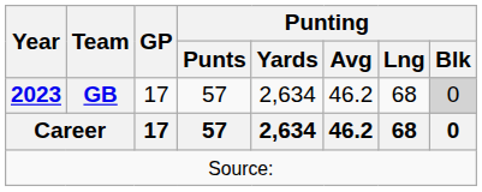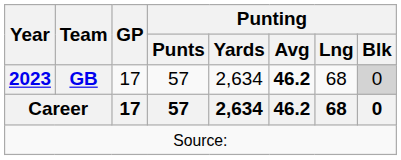 <table class="wikitable" style="text-align:center">
 <tr>
 <th rowspan="2">Year</th>
 <th rowspan="2">Team</th>
 <th rowspan="2">GP</th>
 <th colspan="5">Punting</th>
 </tr>
 <tr>
 <th>Punts</th>
 <th>Yards</th>
 <th>Avg</th>
 <th>Lng</th>
 <th>Blk</th>
 </tr>
 <tr>
 <th><a href='#'>2023</a></th>
 <th><a href='#'>GB</a></th>
 <td>17</td>
 <td>57</td>
 <td>2,634</td>
-<td>46.2</td>
+<td><strong>46.2</strong></td>
 <td>68</td>
 <td style="background: lightgrey;">0</td>
 </tr>
 <tr>
 <th colspan="2">Career</th>
 <th>17</th>
 <th>57</th>
 <th>2,634</th>
 <th>46.2</th>
 <th>68</th>
 <th>0</th>
 </tr>
 <tr>
 <td colspan="8"><small>Source: </small></td>
 </tr>
 </table>
